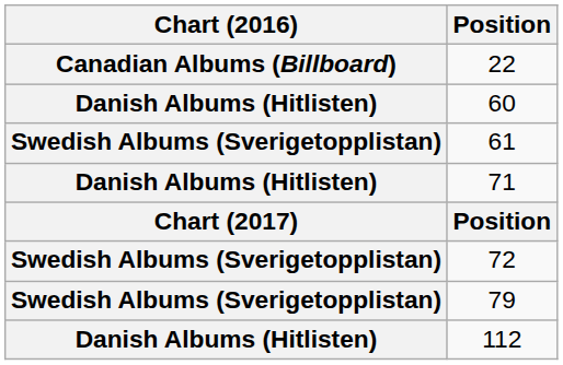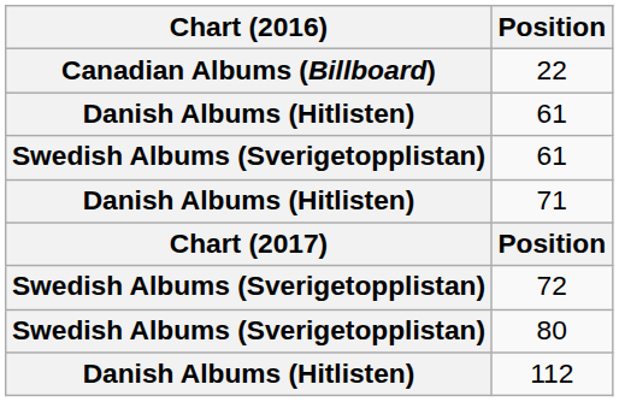 <table class="wikitable sortable plainrowheaders" style="text-align:center">
 <tr>
 <th scope="col">Chart (2016)</th>
 <th scope="col">Position</th>
 </tr>
 <tr>
 <th scope="row">Canadian Albums (<em>Billboard</em>)</th>
 <td>22</td>
 </tr>
 <tr>
 <th scope="row">Danish Albums (Hitlisten)</th>
-<td>60</td>
+<td>61</td>
 </tr>
 <tr>
 <th scope="row">Swedish Albums (Sverigetopplistan)</th>
 <td>61</td>
 </tr>
 <tr>
 <th scope="row">Danish Albums (Hitlisten)</th>
 <td>71</td>
 </tr>
 <tr>
 <th scope="col">Chart (2017)</th>
 <th scope="col">Position</th>
 </tr>
 <tr>
 <th scope="row">Swedish Albums (Sverigetopplistan)</th>
 <td>72</td>
 </tr>
 <tr>
 <th scope="row">Swedish Albums (Sverigetopplistan)</th>
-<td>79</td>
+<td>80</td>
 </tr>
 <tr>
 <th scope="row">Danish Albums (Hitlisten)</th>
 <td>112</td>
 </tr>
 </table>
